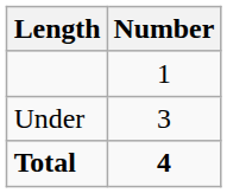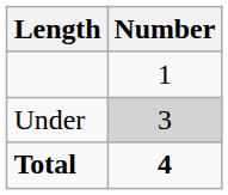 <table class="wikitable" style="float:right;">
 <tr>
 <th>Length</th>
 <th>Number</th>
 </tr>
 <tr>
 <td></td>
 <td style="text-align: center;">1</td>
 </tr>
 <tr>
 <td>Under </td>
-<td style="text-align: center;">3</td>
+<td style="background: lightgrey; text-align: center;">3</td>
 </tr>
 <tr>
 <td><strong>Total</strong></td>
 <td style="text-align: center;"><strong>4</strong></td>
 </tr>
 </table>
